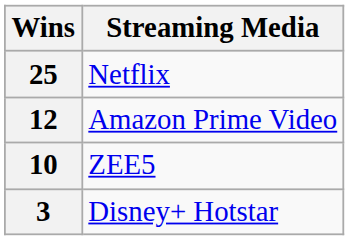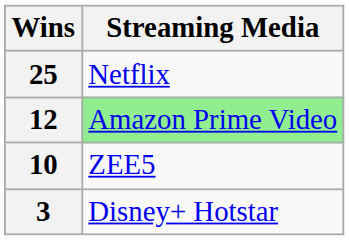 <table class="wikitable" style="display:inline-table;">
 <tr>
 <th>Wins</th>
 <th>Streaming Media</th>
 </tr>
 <tr>
 <th>25</th>
 <td><a href='#'>Netflix</a></td>
 </tr>
 <tr>
 <th>12</th>
-<td><a href='#'>Amazon Prime Video</a></td>
+<td style="background: lightgreen;"><a href='#'>Amazon Prime Video</a></td>
 </tr>
 <tr>
 <th>10</th>
 <td><a href='#'>ZEE5</a></td>
 </tr>
 <tr>
 <th>3</th>
 <td><a href='#'>Disney+ Hotstar</a></td>
 </tr>
 </table>
